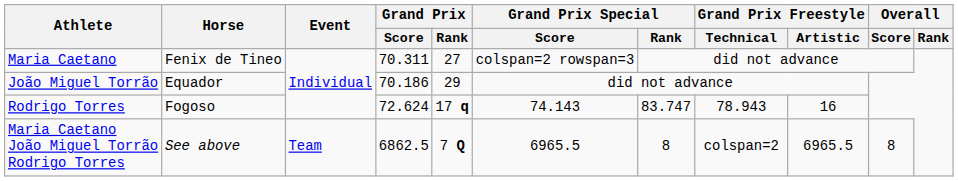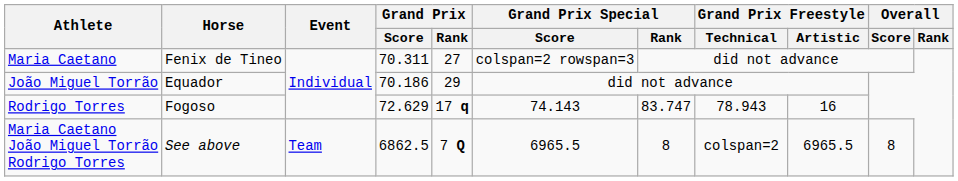 <table class=wikitable style=font-size:90%;>
 <tr>
 <th rowspan="2">Athlete</th>
 <th rowspan="2">Horse</th>
 <th rowspan="2">Event</th>
 <th colspan="2">Grand Prix</th>
 <th colspan="2">Grand Prix Special</th>
 <th colspan="2">Grand Prix Freestyle</th>
 <th colspan="2">Overall</th>
 </tr>
 <tr style="font-size:95%">
 <th>Score</th>
 <th>Rank</th>
 <th>Score</th>
 <th>Rank</th>
 <th>Technical</th>
 <th>Artistic</th>
 <th>Score</th>
 <th>Rank</th>
 </tr>
 <tr align=center>
 <td align=left><a href='#'>Maria Caetano</a></td>
 <td align=left>Fenix de Tineo</td>
 <td rowspan=3 align=left><a href='#'>Individual</a></td>
 <td>70.311</td>
 <td>27</td>
 <td>colspan=2 rowspan=3 </td>
 <td colspan=4>did not advance</td>
 </tr>
 <tr align=center>
 <td align=left><a href='#'>João Miguel Torrão</a></td>
 <td align=left>Equador</td>
 <td>70.186</td>
 <td>29</td>
 <td colspan=4>did not advance</td>
 </tr>
 <tr align=center>
 <td align=left><a href='#'>Rodrigo Torres</a></td>
 <td align=left>Fogoso</td>
-<td>72.624</td>
+<td>72.629</td>
 <td>17 <strong>q</strong></td>
 <td>74.143</td>
 <td>83.747</td>
 <td>78.943</td>
 <td>16</td>
 </tr>
 <tr align=center>
 <td align=left><a href='#'>Maria Caetano</a><br><a href='#'>João Miguel Torrão</a><br><a href='#'>Rodrigo Torres</a></td>
 <td align=left><em>See above</em></td>
 <td align=left><a href='#'>Team</a></td>
 <td>6862.5</td>
 <td>7 <strong>Q</strong></td>
 <td>6965.5</td>
 <td>8</td>
 <td>colspan=2 </td>
 <td>6965.5</td>
 <td>8</td>
 </tr>
 </table>
